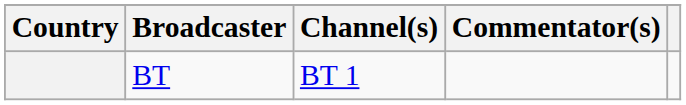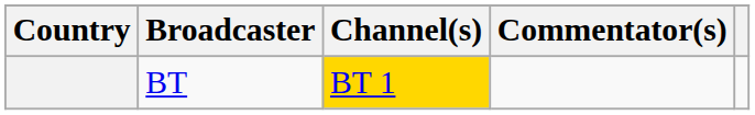 <table class="wikitable plainrowheaders">
 <tr>
 </tr>
 <tr>
 <th scope="col">Country</th>
 <th scope="col">Broadcaster</th>
 <th scope="col">Channel(s)</th>
 <th scope="col">Commentator(s)</th>
 <th scope="col"></th>
 </tr>
 <tr>
 <th scope="row"></th>
 <td><a href='#'>BT</a></td>
-<td><a href='#'>BT 1</a></td>
+<td style="background: gold;"><a href='#'>BT 1</a></td>
 <td></td>
 <td style="text-align:center"></td>
 </tr>
 </table>
